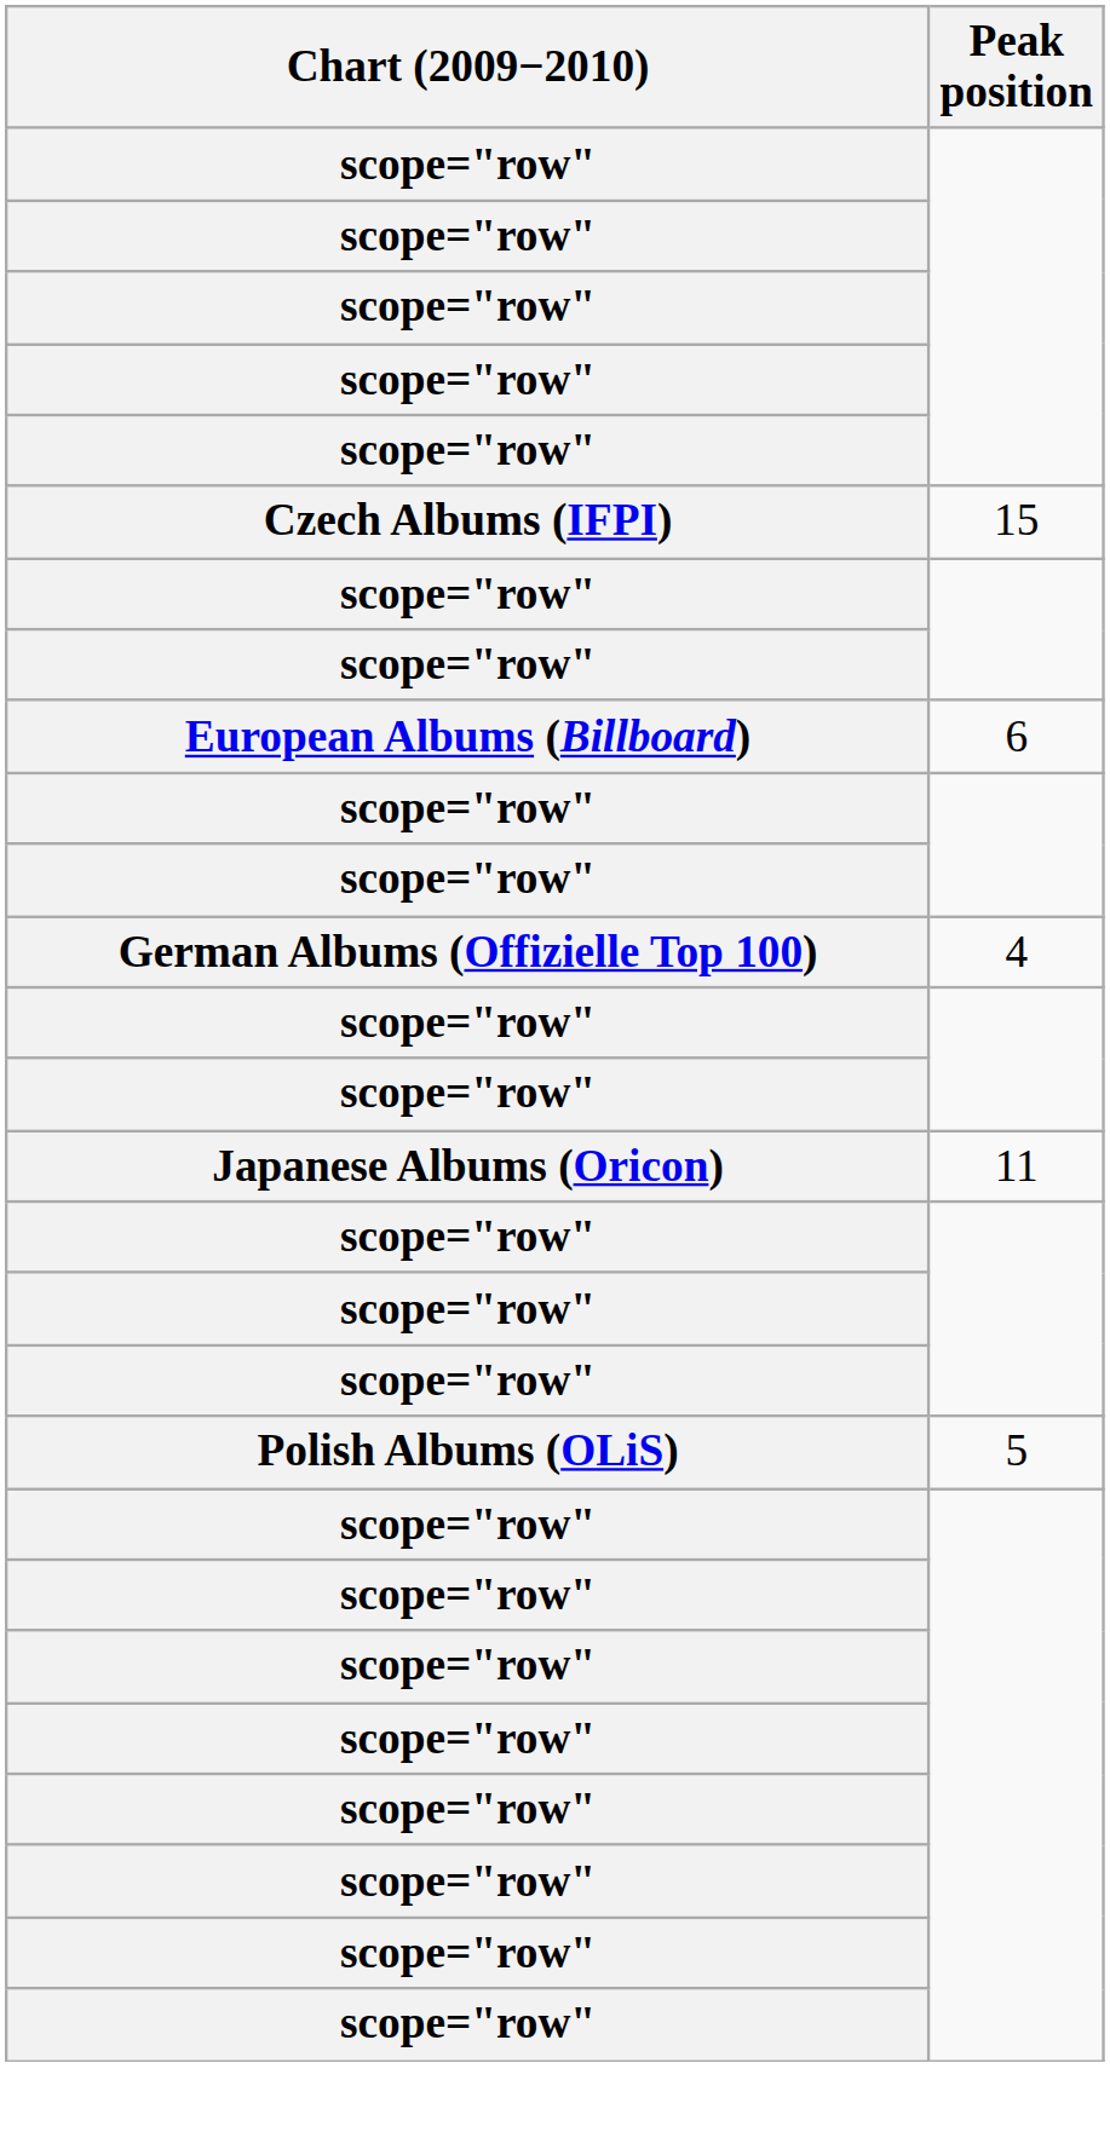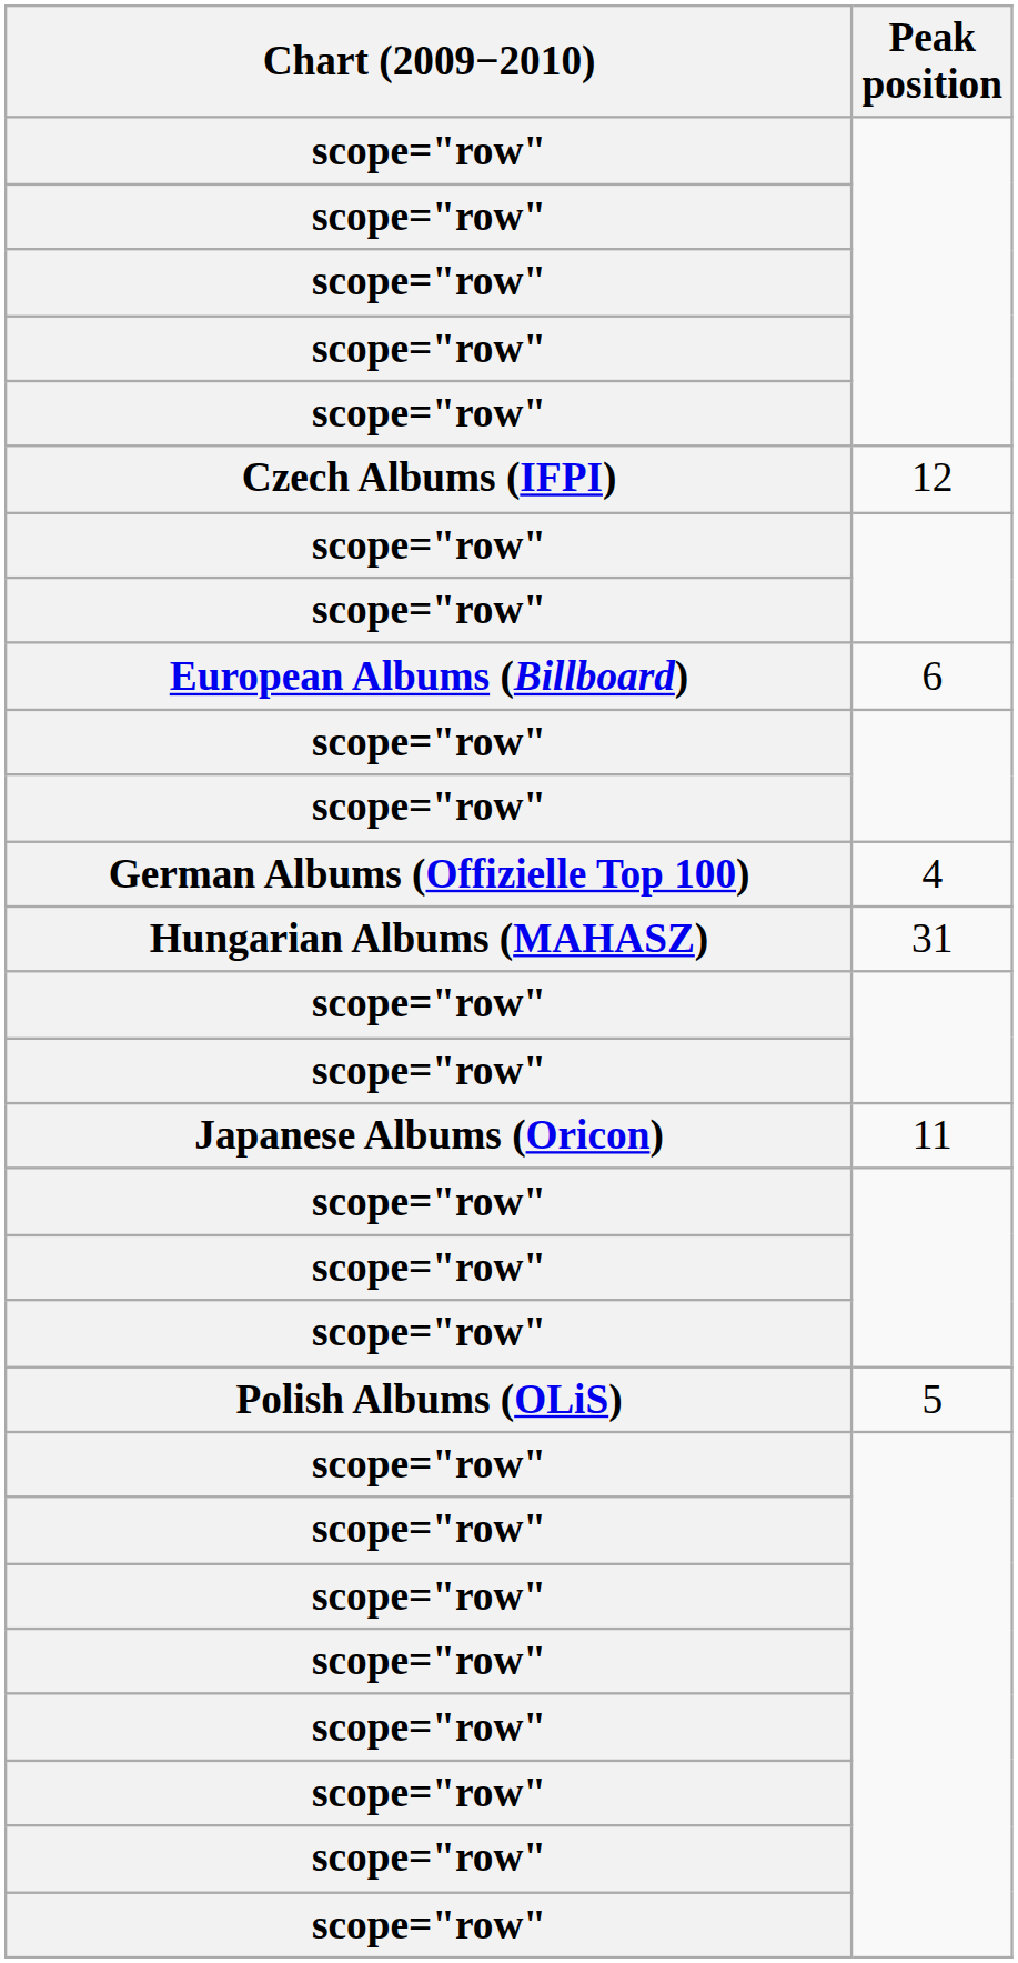 <table class="wikitable plainrowheaders sortable" style="text-align:center;">
 <tr>
 <th scope="col" style="width:20em;">Chart (2009−2010)</th>
 <th scope="col">Peak<br>position</th>
 </tr>
 <tr>
 <th>scope="row" </th>
 </tr>
 <tr>
 <th>scope="row" </th>
 </tr>
 <tr>
 <th>scope="row" </th>
 </tr>
 <tr>
 <th>scope="row" </th>
 </tr>
 <tr>
 <th>scope="row" </th>
 </tr>
 <tr>
 <th scope="row">Czech Albums (<a href='#'>IFPI</a>)</th>
-<td>15</td>
+<td>12</td>
 </tr>
 <tr>
 <th>scope="row" </th>
 </tr>
 <tr>
 <th>scope="row" </th>
 </tr>
 <tr>
 <th scope="row"><a href='#'>European Albums</a> (<em><a href='#'>Billboard</a></em>)</th>
 <td>6</td>
 </tr>
 <tr>
 <th>scope="row" </th>
 </tr>
 <tr>
 <th>scope="row" </th>
 </tr>
 <tr>
 <th scope="row">German Albums (<a href='#'>Offizielle Top 100</a>)</th>
 <td>4</td>
+</tr>
+<tr>
+<th scope="row">Hungarian Albums (<a href='#'>MAHASZ</a>)</th>
+<td>31</td>
 </tr>
 <tr>
 <th>scope="row" </th>
 </tr>
 <tr>
 <th>scope="row" </th>
 </tr>
 <tr>
 <th scope="row">Japanese Albums (<a href='#'>Oricon</a>)</th>
 <td>11</td>
 </tr>
 <tr>
 <th>scope="row" </th>
 </tr>
 <tr>
 <th>scope="row" </th>
 </tr>
 <tr>
 <th>scope="row" </th>
 </tr>
 <tr>
 <th scope="row">Polish Albums (<a href='#'>OLiS</a>)</th>
 <td>5</td>
 </tr>
 <tr>
 <th>scope="row" </th>
 </tr>
 <tr>
 <th>scope="row" </th>
 </tr>
 <tr>
 <th>scope="row" </th>
 </tr>
 <tr>
 <th>scope="row" </th>
 </tr>
 <tr>
 <th>scope="row" </th>
 </tr>
 <tr>
 <th>scope="row" </th>
 </tr>
 <tr>
 <th>scope="row" </th>
 </tr>
 <tr>
 <th>scope="row" </th>
 </tr>
 </table>
